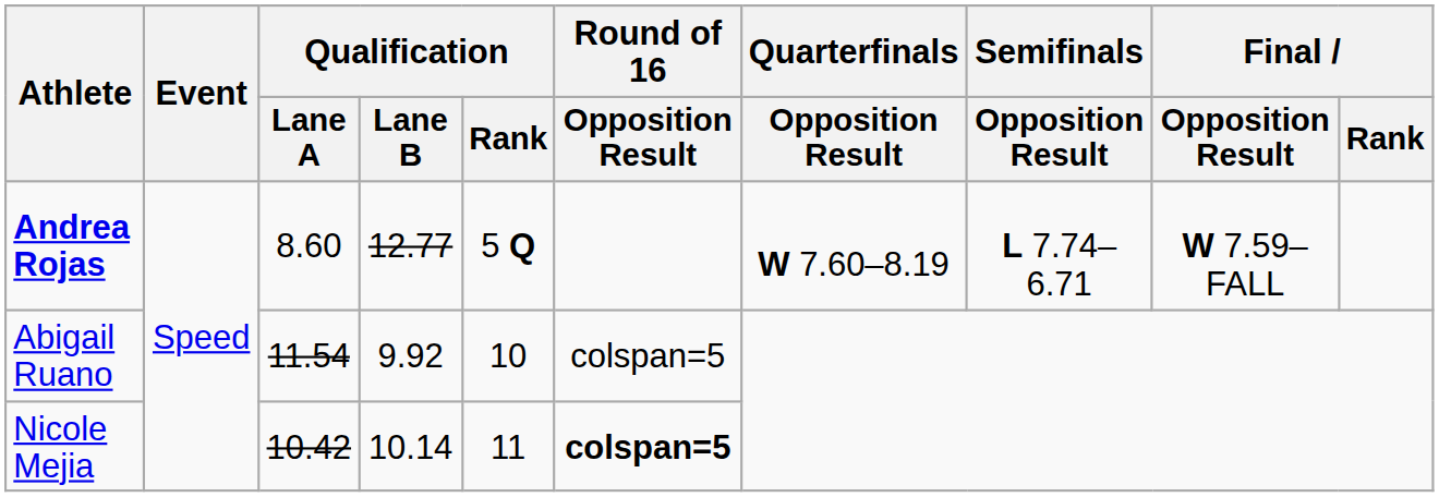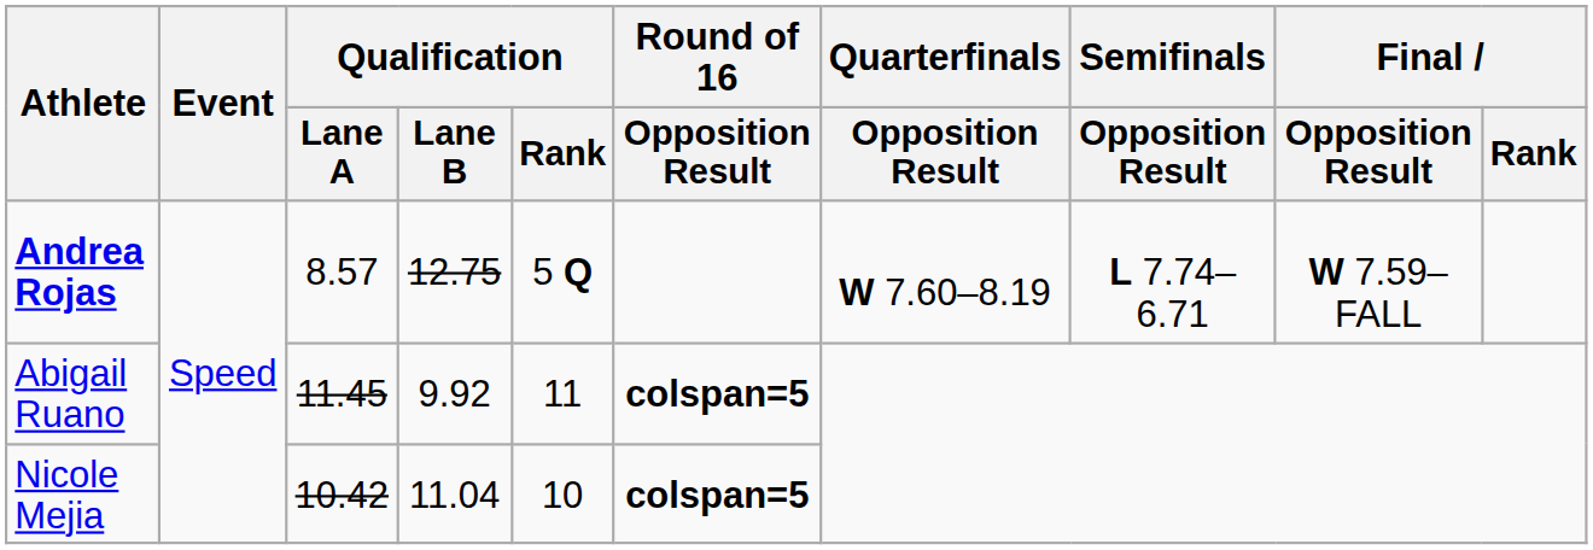 <table class=wikitable style=font-size:90%;text-align:center>
 <tr>
 <th rowspan=2>Athlete</th>
 <th rowspan=2>Event</th>
 <th colspan=3>Qualification</th>
 <th>Round of 16</th>
 <th>Quarterfinals</th>
 <th>Semifinals</th>
 <th colspan=2>Final / </th>
 </tr>
 <tr style=font-size:95%>
 <th>Lane A</th>
 <th>Lane B</th>
 <th>Rank</th>
 <th>Opposition<br>Result</th>
 <th>Opposition<br>Result</th>
 <th>Opposition<br>Result</th>
 <th>Opposition<br>Result</th>
 <th>Rank</th>
 </tr>
 <tr align=center>
 <td align=left><strong><a href='#'>Andrea Rojas</a></strong></td>
 <td align=left rowspan=3><a href='#'>Speed</a></td>
-<td>8.60</td>
-<td><s>12.77</s></td>
+<td>8.57</td>
+<td><s>12.75</s></td>
 <td>5 <strong>Q</strong></td>
 <td></td>
 <td><br><strong>W</strong> 7.60–8.19</td>
 <td><br><strong>L</strong> 7.74–6.71</td>
 <td><br><strong>W</strong> 7.59–FALL</td>
 <td></td>
 </tr>
 <tr align=center>
 <td align=left><a href='#'>Abigail Ruano</a></td>
-<td><s>11.54</s></td>
+<td><s>11.45</s></td>
 <td>9.92</td>
-<td>10</td>
-<td>colspan=5 </td>
+<td>11</td>
+<td><strong>colspan=5 </strong></td>
 </tr>
 <tr align=center>
 <td align=left><a href='#'>Nicole Mejia</a></td>
 <td><s>10.42</s></td>
-<td>10.14</td>
-<td>11</td>
+<td>11.04</td>
+<td>10</td>
 <td><strong>colspan=5 </strong></td>
 </tr>
 </table>
